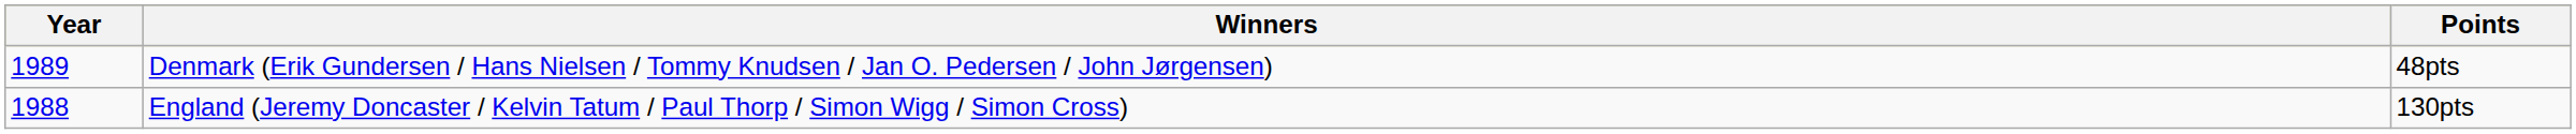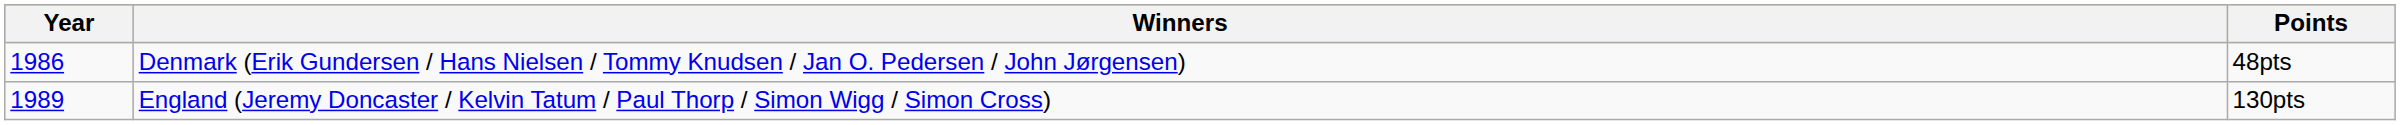 <table class="wikitable" width=100%>
 <tr bgcolor=#bdb76b>
 <th>Year</th>
 <th>Winners</th>
 <th>Points</th>
 </tr>
 <tr>
-<td><a href='#'>1989</a></td>
+<td><a href='#'>1986</a></td>
 <td> <a href='#'>Denmark</a> (<a href='#'>Erik Gundersen</a> / <a href='#'>Hans Nielsen</a> / <a href='#'>Tommy Knudsen</a> / <a href='#'>Jan O. Pedersen</a> / <a href='#'>John Jørgensen</a>)</td>
 <td>48pts</td>
 </tr>
 <tr>
-<td><a href='#'>1988</a></td>
+<td><a href='#'>1989</a></td>
 <td> <a href='#'>England</a> (<a href='#'>Jeremy Doncaster</a> / <a href='#'>Kelvin Tatum</a> / <a href='#'>Paul Thorp</a> / <a href='#'>Simon Wigg</a> / <a href='#'>Simon Cross</a>)</td>
 <td>130pts</td>
 </tr>
 </table>
